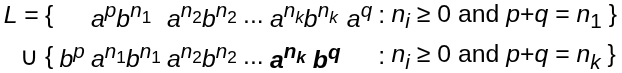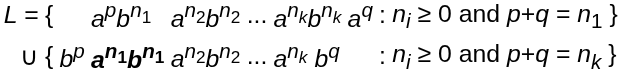 <table>
 <tr>
 <td ALIGN=RIGHT><em>L</em> =</td>
 <td>{</td>
 <td></td>
 <td><em>a</em><sup><em>p</em></sup><em>b</em><sup><em>n</em><sub>1</sub></sup></td>
 <td><em>a</em><sup><em>n</em><sub>2</sub></sup><em>b</em><sup><em>n</em><sub>2</sub></sup></td>
 <td>...</td>
 <td><em>a</em><sup><em>n</em><sub><em>k</em></sub></sup><em>b</em><sup><em>n</em><sub><em>k</em></sub></sup></td>
 <td><em>a</em><sup><em>q</em></sup></td>
 <td>:</td>
 <td><em>n</em><sub><em>i</em></sub> ≥ 0 and <em>p</em>+<em>q</em> = <em>n</em><sub>1</sub> }</td>
 </tr>
 <tr>
 <td ALIGN=RIGHT>∪</td>
 <td>{</td>
 <td><em>b</em><sup><em>p</em></sup></td>
-<td><em>a</em><sup><em>n</em><sub>1</sub></sup><em>b</em><sup><em>n</em><sub>1</sub></sup></td>
+<td><strong><em>a</em><sup><em>n</em><sub>1</sub></sup><em>b</em><sup><em>n</em><sub>1</sub></sup></strong></td>
 <td><em>a</em><sup><em>n</em><sub>2</sub></sup><em>b</em><sup><em>n</em><sub>2</sub></sup></td>
 <td>...</td>
-<td><strong><em>a</em><sup><em>n</em><sub><em>k</em></sub></sup> <em>b</em><sup><em>q</em></sup></strong></td>
+<td><em>a</em><sup><em>n</em><sub><em>k</em></sub></sup> <em>b</em><sup><em>q</em></sup></td>
 <td></td>
 <td>:</td>
 <td><em>n</em><sub><em>i</em></sub> ≥ 0  and <em>p</em>+<em>q</em> = <em>n</em><sub><em>k</em></sub> }</td>
 </tr>
 </table>
